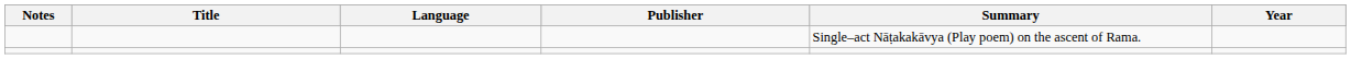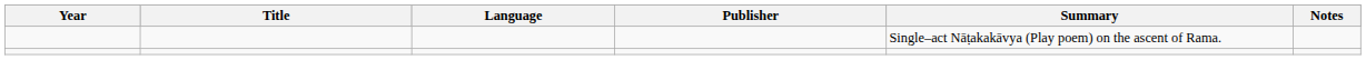 <table class="wikitable sortable" align="center" cellpadding="7" style="clear:both;" width="100%">
 <tr align="center" bgcolor="#696969">
-<th scope="col" align="center" width="5%">Notes</th>
+<th scope="col" width="10%"><div>Year</div></th>
 <th scope="col" width="20%"><div>Title</div></th>
 <th scope="col" width="15%"><div>Language</div></th>
 <th scope="col" width="20%"><div>Publisher</div></th>
 <th scope="col" align="center" width="30%">Summary</th>
-<th scope="col" width="10%"><div>Year</div></th>
+<th scope="col" align="center" width="5%">Notes</th>
 </tr>
 <tr valign="top">
 <td></td>
 <td></td>
 <td></td>
 <td></td>
 <td>Single–act Nāṭakakāvya (Play poem) on the ascent of Rama.</td>
 <td></td>
 </tr>
 <tr valign="top">
 <td></td>
 <td></td>
 <td></td>
 <td></td>
 <td></td>
 <td></td>
 </tr>
 </table>
